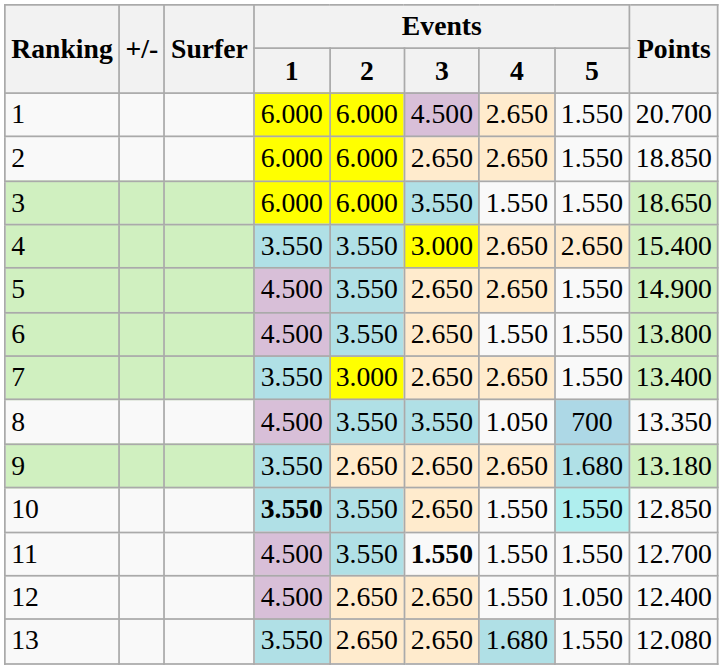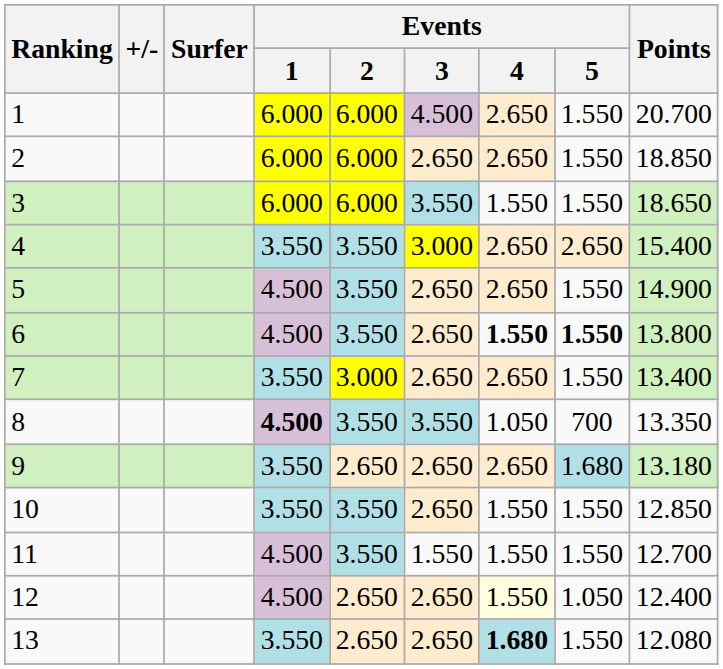 <table class="wikitable" style="text-align: center;">
 <tr>
 <th rowspan="2">Ranking</th>
 <th rowspan="2">+/-</th>
 <th rowspan="2">Surfer</th>
 <th colspan="5">Events</th>
 <th rowspan="2">Points</th>
 </tr>
 <tr>
 <th>1</th>
 <th>2</th>
 <th>3</th>
 <th>4</th>
 <th>5</th>
 </tr>
 <tr>
 <td align=left>1</td>
 <td></td>
 <td align=left></td>
 <td style="background:yellow;"><span>6.000</span></td>
 <td style="background:yellow;"><span>6.000</span></td>
 <td style="background:thistle;"><span>4.500</span></td>
 <td style="background:#ffebcd;"><span>2.650</span></td>
 <td><span>1.550</span></td>
 <td>20.700</td>
 </tr>
 <tr>
 <td align=left>2</td>
 <td></td>
 <td align=left></td>
 <td style="background:yellow;"><span>6.000</span></td>
 <td style="background:yellow;"><span>6.000</span></td>
 <td style="background:#ffebcd;"><span>2.650</span></td>
 <td style="background:#ffebcd;"><span>2.650</span></td>
 <td><span>1.550</span></td>
 <td>18.850</td>
 </tr>
 <tr>
 <td style="text-align:left; background:#d0f0c0;">3</td>
 <td style="background:#d0f0c0;"></td>
 <td style="text-align:left; background:#d0f0c0;"></td>
 <td style="background:yellow;"><span>6.000</span></td>
 <td style="background:yellow;"><span>6.000</span></td>
 <td style="background:#b0e0e6;"><span>3.550</span></td>
 <td><span>1.550</span></td>
 <td><span>1.550</span></td>
 <td style="background:#d0f0c0;">18.650</td>
 </tr>
 <tr>
 <td style="text-align:left; background:#d0f0c0;">4</td>
 <td style="background:#d0f0c0;"></td>
 <td style="text-align:left; background:#d0f0c0;"></td>
 <td style="background:#b0e0e6;"><span>3.550</span></td>
 <td style="background:#b0e0e6;"><span>3.550</span></td>
 <td style="background:yellow;"><span>3.000</span></td>
 <td style="background:#ffebcd;"><span>2.650</span></td>
 <td style="background:#ffebcd;"><span>2.650</span></td>
 <td style="background:#d0f0c0;">15.400</td>
 </tr>
 <tr>
 <td style="text-align:left; background:#d0f0c0;">5</td>
 <td style="background:#d0f0c0;"></td>
 <td style="text-align:left; background:#d0f0c0;"></td>
 <td style="background:thistle;"><span>4.500</span></td>
 <td style="background:#b0e0e6;"><span>3.550</span></td>
 <td style="background:#ffebcd;"><span>2.650</span></td>
 <td style="background:#ffebcd;"><span>2.650</span></td>
 <td><span>1.550</span></td>
 <td style="background:#d0f0c0;">14.900</td>
 </tr>
 <tr>
 <td style="text-align:left; background:#d0f0c0;">6</td>
 <td style="background:#d0f0c0;"></td>
 <td style="text-align:left; background:#d0f0c0;"></td>
 <td style="background:thistle;"><span>4.500</span></td>
 <td style="background:#b0e0e6;"><span>3.550</span></td>
 <td style="background:#ffebcd;"><span>2.650</span></td>
-<td><span>1.550</span></td>
-<td><span>1.550</span></td>
+<td><strong><span>1.550</span></strong></td>
+<td><strong><span>1.550</span></strong></td>
 <td style="background:#d0f0c0;">13.800</td>
 </tr>
 <tr>
 <td style="text-align:left; background:#d0f0c0;">7</td>
 <td style="background:#d0f0c0;"></td>
 <td style="text-align:left; background:#d0f0c0;"></td>
 <td style="background:#b0e0e6;"><span>3.550</span></td>
 <td style="background:yellow;"><span>3.000</span></td>
 <td style="background:#ffebcd;"><span>2.650</span></td>
 <td style="background:#ffebcd;"><span>2.650</span></td>
 <td><span>1.550</span></td>
 <td style="background:#d0f0c0;">13.400</td>
 </tr>
 <tr>
 <td align=left>8</td>
 <td></td>
 <td align=left></td>
-<td style="background:thistle;"><span>4.500</span></td>
+<td style="background:thistle;"><strong><span>4.500</span></strong></td>
 <td style="background:#b0e0e6;"><span>3.550</span></td>
 <td style="background:#b0e0e6;"><span>3.550</span></td>
 <td><span>1.050</span></td>
-<td style="background: lightblue;"><span>700</span></td>
+<td><span>700</span></td>
 <td>13.350</td>
 </tr>
 <tr>
 <td style="text-align:left; background:#d0f0c0;">9</td>
 <td style="background:#d0f0c0;"></td>
 <td style="text-align:left; background:#d0f0c0;"></td>
 <td style="background:#b0e0e6;"><span>3.550</span></td>
 <td style="background:#ffebcd;"><span>2.650</span></td>
 <td style="background:#ffebcd;"><span>2.650</span></td>
 <td style="background:#ffebcd;"><span>2.650</span></td>
 <td style="background:#b0e0e6;"><span>1.680</span></td>
 <td style="background:#d0f0c0;">13.180</td>
 </tr>
 <tr>
 <td align=left>10</td>
 <td></td>
 <td align=left></td>
-<td style="background:#b0e0e6;"><strong><span>3.550</span></strong></td>
+<td style="background:#b0e0e6;"><span>3.550</span></td>
 <td style="background:#b0e0e6;"><span>3.550</span></td>
 <td style="background:#ffebcd;"><span>2.650</span></td>
 <td><span>1.550</span></td>
-<td style="background: paleturquoise;"><span>1.550</span></td>
+<td><span>1.550</span></td>
 <td>12.850</td>
 </tr>
 <tr>
 <td align=left>11</td>
 <td></td>
 <td align=left></td>
 <td style="background:thistle;"><span>4.500</span></td>
 <td style="background:#b0e0e6;"><span>3.550</span></td>
-<td><strong><span>1.550</span></strong></td>
+<td><span>1.550</span></td>
 <td><span>1.550</span></td>
 <td><span>1.550</span></td>
 <td>12.700</td>
 </tr>
 <tr>
 <td align=left>12</td>
 <td></td>
 <td align=left></td>
 <td style="background:thistle;"><span>4.500</span></td>
 <td style="background:#ffebcd;"><span>2.650</span></td>
 <td style="background:#ffebcd;"><span>2.650</span></td>
-<td><span>1.550</span></td>
+<td style="background: lightyellow;"><span>1.550</span></td>
 <td><span>1.050</span></td>
 <td>12.400</td>
 </tr>
 <tr>
 <td align=left>13</td>
 <td></td>
 <td align=left></td>
 <td style="background:#b0e0e6;"><span>3.550</span></td>
 <td style="background:#ffebcd;"><span>2.650</span></td>
 <td style="background:#ffebcd;"><span>2.650</span></td>
-<td style="background:#b0e0e6;"><span>1.680</span></td>
+<td style="background:#b0e0e6;"><strong><span>1.680</span></strong></td>
 <td><span>1.550</span></td>
 <td>12.080</td>
 </tr>
 </table>
